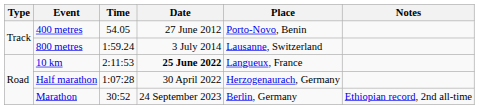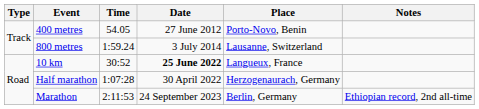 <table class="wikitable">
 <tr>
 <th>Type</th>
 <th>Event</th>
 <th>Time</th>
 <th>Date</th>
 <th>Place</th>
 <th>Notes</th>
 </tr>
 <tr>
 <td rowspan=2>Track</td>
 <td><a href='#'>400 metres</a></td>
 <td align=center>54.05</td>
 <td align=right>27 June 2012</td>
 <td><a href='#'>Porto-Novo</a>, Benin</td>
 <td></td>
 </tr>
 <tr>
 <td><a href='#'>800 metres</a></td>
 <td align=center>1:59.24</td>
 <td align=right>3 July 2014</td>
 <td><a href='#'>Lausanne</a>, Switzerland</td>
 <td></td>
 </tr>
 <tr>
 <td rowspan=3>Road</td>
 <td><a href='#'>10 km</a></td>
-<td align=center>2:11:53</td>
+<td align=center>30:52</td>
 <td align=right><strong>25 June 2022</strong></td>
 <td><a href='#'>Langueux</a>, France</td>
 <td></td>
 </tr>
 <tr>
 <td><a href='#'>Half marathon</a></td>
 <td align=center>1:07:28</td>
 <td align=right>30 April 2022</td>
 <td><a href='#'>Herzogenaurach</a>, Germany</td>
 <td></td>
 </tr>
 <tr>
 <td><a href='#'>Marathon</a></td>
-<td align=center>30:52</td>
+<td align=center>2:11:53</td>
 <td align=right>24 September 2023</td>
 <td><a href='#'>Berlin</a>, Germany</td>
 <td><a href='#'>Ethiopian record</a>, 2nd all-time</td>
 </tr>
 </table>
